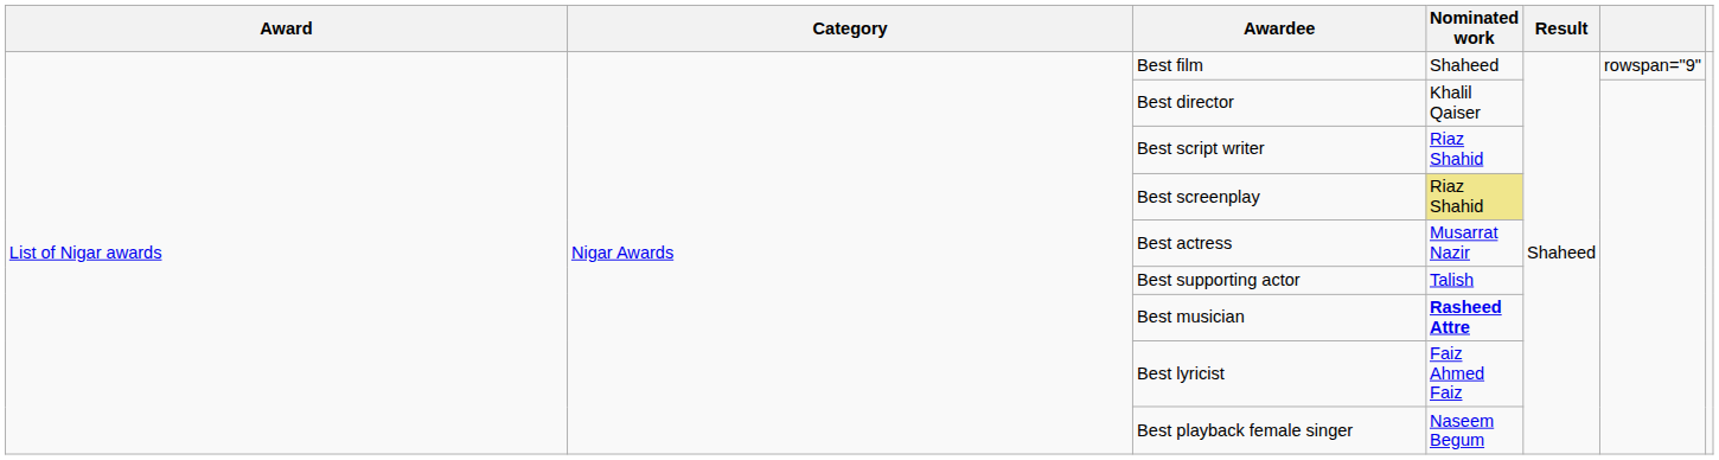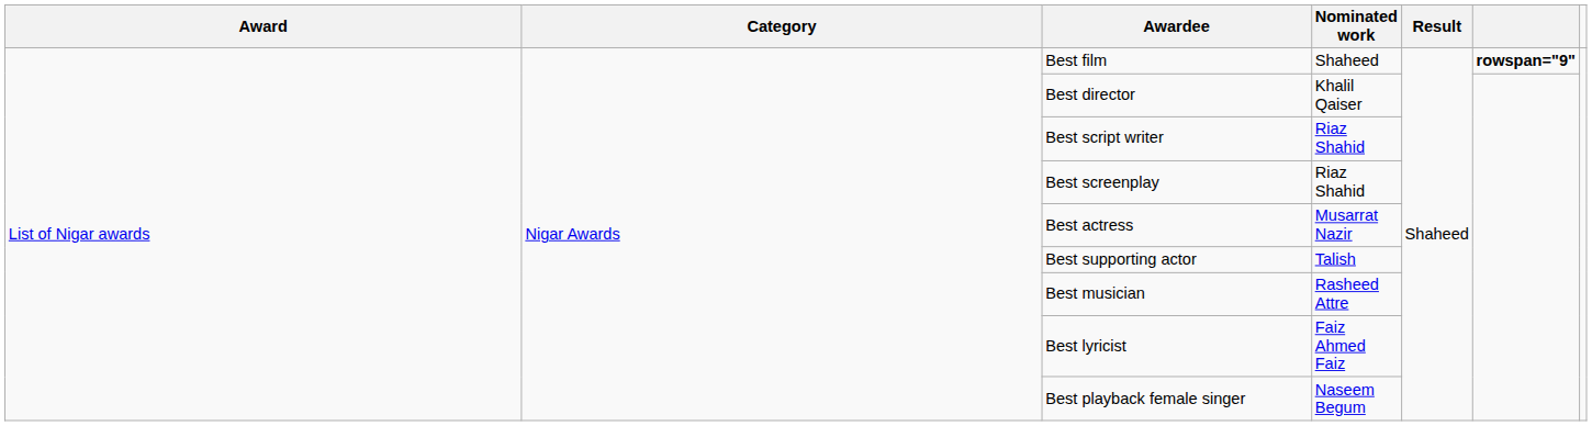 <table class="wikitable sortable" width=100%>
 <tr>
 <th style="width:40%;">Award</th>
 <th style="width:40%;">Category</th>
 <th style="width:40%;">Awardee</th>
 <th style="width:40%;">Nominated work</th>
 <th style="width:10%;">Result</th>
 <th width=5%></th>
 </tr>
 <tr>
 <td rowspan="9"><a href='#'>List of Nigar awards</a></td>
 <td rowspan="9"><a href='#'>Nigar Awards</a></td>
 <td>Best film</td>
 <td>Shaheed</td>
 <td rowspan="9">Shaheed</td>
-<td>rowspan="9"</td>
+<td><strong>rowspan="9"</strong></td>
 <td rowspan="9"></td>
 </tr>
 <tr>
 <td>Best director</td>
 <td>Khalil Qaiser</td>
 </tr>
 <tr>
 <td>Best script writer</td>
 <td><a href='#'>Riaz Shahid</a></td>
 </tr>
 <tr>
 <td>Best screenplay</td>
-<td style="background: khaki;">Riaz Shahid</td>
+<td>Riaz Shahid</td>
 </tr>
 <tr>
 <td>Best actress</td>
 <td><a href='#'>Musarrat Nazir</a></td>
 </tr>
 <tr>
 <td>Best supporting actor</td>
 <td><a href='#'>Talish</a></td>
 </tr>
 <tr>
 <td>Best musician</td>
-<td><strong><a href='#'>Rasheed Attre</a></strong></td>
+<td><a href='#'>Rasheed Attre</a></td>
 </tr>
 <tr>
 <td>Best lyricist</td>
 <td><a href='#'>Faiz Ahmed Faiz</a></td>
 </tr>
 <tr>
 <td>Best playback female singer</td>
 <td><a href='#'>Naseem Begum</a></td>
 </tr>
 </table>
